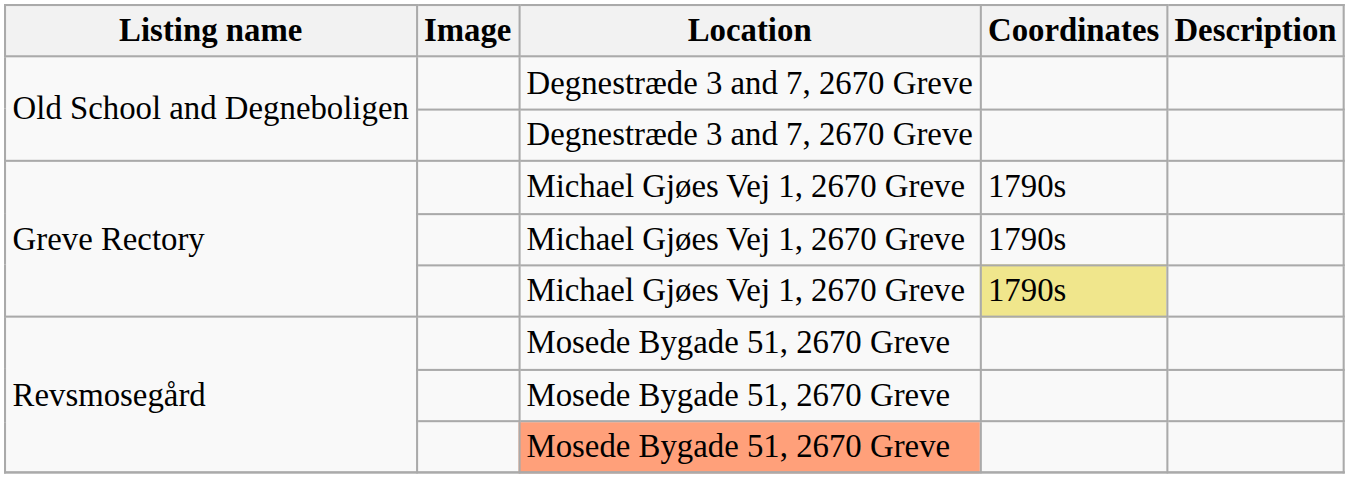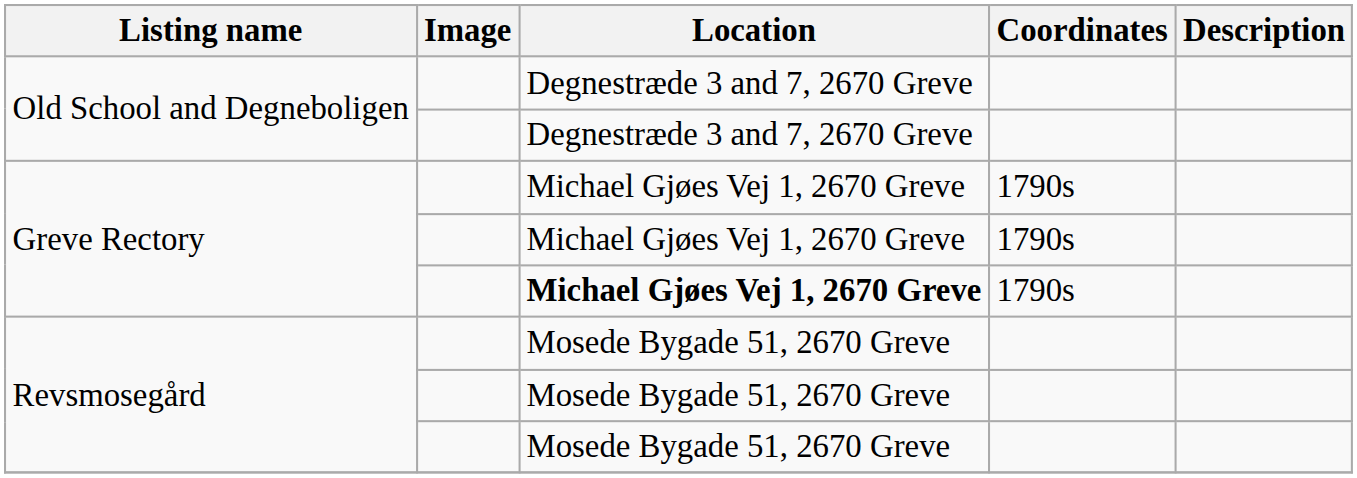 <table class="wikitable sortable">
 <tr>
 <th>Listing name</th>
 <th>Image</th>
 <th>Location</th>
 <th>Coordinates</th>
 <th>Description</th>
 </tr>
 <tr>
 <td rowspan="2">Old School and Degneboligen</td>
 <td></td>
 <td>Degnestræde 3 and 7, 2670 Greve</td>
 <td></td>
 <td></td>
 </tr>
 <tr>
 <td></td>
 <td>Degnestræde 3 and 7, 2670 Greve</td>
 <td></td>
 <td></td>
 </tr>
 <tr>
 <td rowspan="3">Greve Rectory</td>
 <td></td>
 <td>Michael Gjøes Vej 1, 2670 Greve</td>
 <td>1790s</td>
 <td></td>
 </tr>
 <tr>
 <td></td>
 <td>Michael Gjøes Vej 1, 2670 Greve</td>
 <td>1790s</td>
 <td></td>
 </tr>
 <tr>
 <td></td>
-<td>Michael Gjøes Vej 1, 2670 Greve</td>
-<td style="background: khaki;">1790s</td>
+<td><strong>Michael Gjøes Vej 1, 2670 Greve</strong></td>
+<td>1790s</td>
 <td></td>
 </tr>
 <tr>
 <td rowspan="3">Revsmosegård</td>
 <td></td>
 <td>Mosede Bygade 51, 2670 Greve</td>
 <td></td>
 <td></td>
 </tr>
 <tr>
 <td></td>
 <td>Mosede Bygade 51, 2670 Greve</td>
 <td></td>
 <td></td>
 </tr>
 <tr>
 <td></td>
-<td style="background: lightsalmon;">Mosede Bygade 51, 2670 Greve</td>
+<td>Mosede Bygade 51, 2670 Greve</td>
 <td></td>
 <td></td>
 </tr>
 <tr>
 </tr>
 </table>
